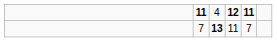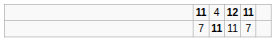 <table class="wikitable">
 <tr>
 <td style="width:18em"><strong></strong></td>
 <td align=center style="width:1em"><strong>11</strong></td>
 <td align=center style="width:1em">4</td>
 <td align=center style="width:1em"><strong>12</strong></td>
 <td align=center style="width:1em"><strong>11</strong></td>
 <td align=center style="width:1em"></td>
 </tr>
 <tr>
 <td style="width:18em"></td>
 <td align=center style="width:1em">7</td>
-<td align=center style="width:1em"><strong>13</strong></td>
+<td align=center style="width:1em"><strong>11</strong></td>
 <td align=center style="width:1em">11</td>
 <td align=center style="width:1em">7</td>
 <td align=center style="width:1em"></td>
 </tr>
 </table>
